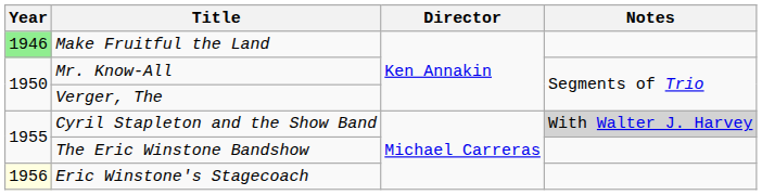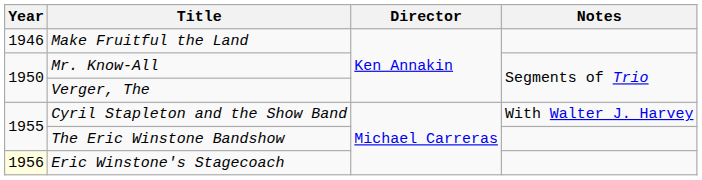 <table class="wikitable">
 <tr>
 <th>Year</th>
 <th>Title</th>
 <th>Director</th>
 <th>Notes</th>
 </tr>
 <tr>
-<td style="background: lightgreen;">1946</td>
+<td>1946</td>
 <td><em>Make Fruitful the Land</em></td>
 <td rowspan=3><a href='#'>Ken Annakin</a></td>
 <td></td>
 </tr>
 <tr>
 <td rowspan=2>1950</td>
 <td><em>Mr. Know-All</em></td>
 <td rowspan=2>Segments of <em><a href='#'>Trio</a></em></td>
 </tr>
 <tr>
 <td><em>Verger, The</em></td>
 </tr>
 <tr>
 <td rowspan=2>1955</td>
 <td><em>Cyril Stapleton and the Show Band</em></td>
 <td rowspan=3><a href='#'>Michael Carreras</a></td>
-<td style="background: lightgrey;">With <a href='#'>Walter J. Harvey</a></td>
+<td>With <a href='#'>Walter J. Harvey</a></td>
 </tr>
 <tr>
 <td><em>The Eric Winstone Bandshow</em></td>
 <td></td>
 </tr>
 <tr>
 <td style="background: lightyellow;">1956</td>
 <td><em>Eric Winstone's Stagecoach</em></td>
 <td></td>
 </tr>
 </table>
